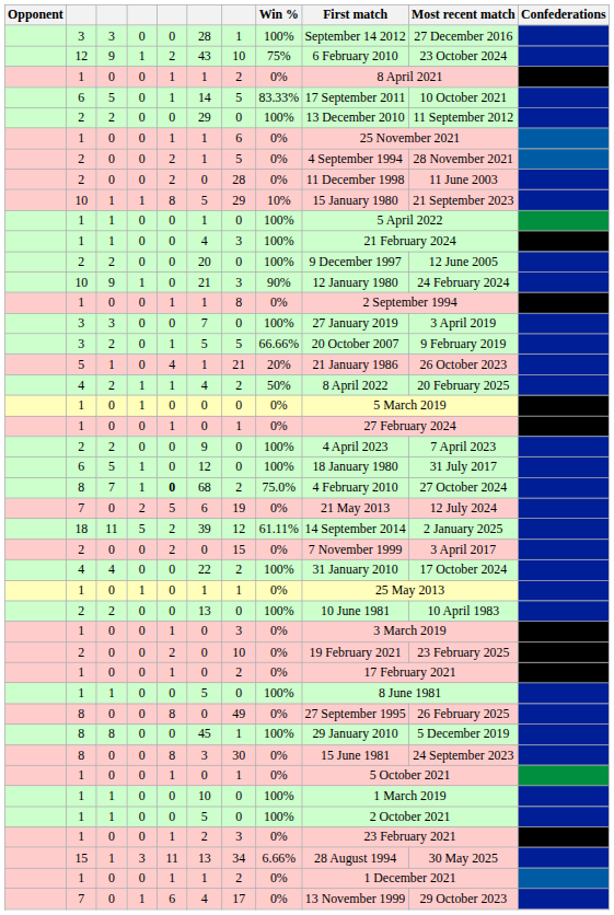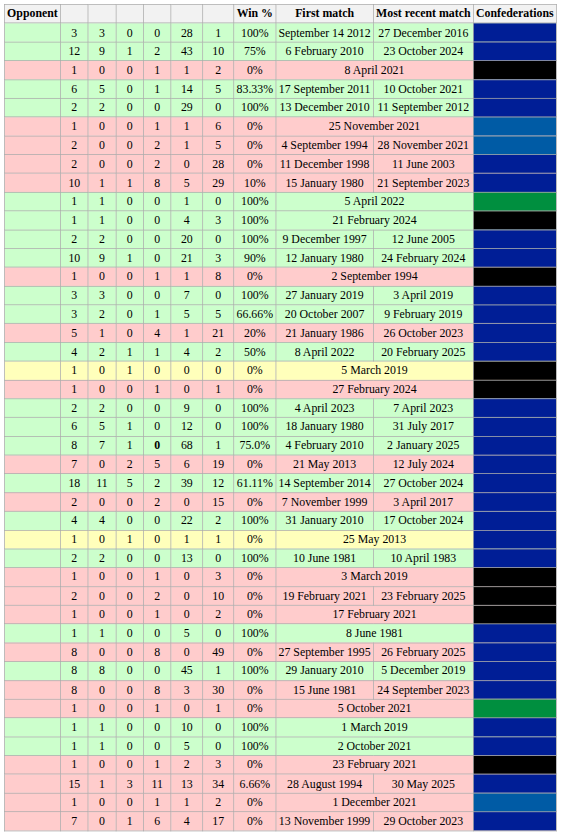 <table class="wikitable sortable" style="text-align: center">
 <tr>
 <th>Opponent</th>
 <th width=30></th>
 <th width=30></th>
 <th width=30></th>
 <th width=30></th>
 <th width=35></th>
 <th width=35></th>
 <th width=35>Win %</th>
 <th>First match</th>
 <th>Most recent match</th>
 <th>Confederations</th>
 </tr>
 <tr style="background-color:#cfc">
 <td style="text-align: left;"></td>
 <td>3</td>
 <td>3</td>
 <td>0</td>
 <td>0</td>
 <td>28</td>
 <td>1</td>
 <td>100%</td>
 <td>September 14 2012</td>
 <td>27 December 2016</td>
 <td style="background:#001E96; color:#FFC828;"><a href='#'></a></td>
 </tr>
 <tr style="background-color:#cfc">
 <td style="text-align: left;"></td>
 <td>12</td>
 <td>9</td>
 <td>1</td>
 <td>2</td>
 <td>43</td>
 <td>10</td>
 <td>75%</td>
 <td>6 February 2010</td>
 <td>23 October 2024</td>
 <td style="background:#001E96; color:#FFC828;"><a href='#'></a></td>
 </tr>
 <tr style="background-color:#fcc">
 <td style="text-align: left;"></td>
 <td>1</td>
 <td>0</td>
 <td>0</td>
 <td>1</td>
 <td>1</td>
 <td>2</td>
 <td>0%</td>
 <td colspan=2 style="text-align: center">8 April 2021</td>
 <td style="background:#000000; color:#FFFFFF;"><a href='#'></a></td>
 </tr>
 <tr style="background-color:#cfc">
 <td style="text-align: left;"></td>
 <td>6</td>
 <td>5</td>
 <td>0</td>
 <td>1</td>
 <td>14</td>
 <td>5</td>
 <td>83.33%</td>
 <td>17 September 2011</td>
 <td>10 October 2021</td>
 <td style="background:#001E96; color:#FFC828;"><a href='#'></a></td>
 </tr>
 <tr style="background-color:#cfc">
 <td style="text-align: left;"></td>
 <td>2</td>
 <td>2</td>
 <td>0</td>
 <td>0</td>
 <td>29</td>
 <td>0</td>
 <td>100%</td>
 <td>13 December 2010</td>
 <td>11 September 2012</td>
 <td style="background:#001E96; color:#FFC828;"><a href='#'></a></td>
 </tr>
 <tr style="background-color:#fcc">
 <td style="text-align: left;"></td>
 <td>1</td>
 <td>0</td>
 <td>0</td>
 <td>1</td>
 <td>1</td>
 <td>6</td>
 <td>0%</td>
 <td colspan=2 style="text-align: center">25 November 2021</td>
 <td style="background:#005BA5; color:#FFFFFF;"><a href='#'></a></td>
 </tr>
 <tr style="background-color:#fcc">
 <td style="text-align: left;"></td>
 <td>2</td>
 <td>0</td>
 <td>0</td>
 <td>2</td>
 <td>1</td>
 <td>5</td>
 <td>0%</td>
 <td>4 September 1994</td>
 <td>28 November 2021</td>
 <td style="background:#005BA5; color:#FFFFFF;"><a href='#'></a></td>
 </tr>
 <tr style="background-color:#fcc">
 <td style="text-align: left;"></td>
 <td>2</td>
 <td>0</td>
 <td>0</td>
 <td>2</td>
 <td>0</td>
 <td>28</td>
 <td>0%</td>
 <td>11 December 1998</td>
 <td>11 June 2003</td>
 <td style="background:#001E96; color:#FFC828;"><a href='#'></a></td>
 </tr>
 <tr style="background-color:#fcc">
 <td style="text-align: left;"></td>
 <td>10</td>
 <td>1</td>
 <td>1</td>
 <td>8</td>
 <td>5</td>
 <td>29</td>
 <td>10%</td>
 <td>15 January 1980</td>
 <td>21 September 2023</td>
 <td style="background:#001E96; color:#FFC828;"><a href='#'></a></td>
 </tr>
 <tr style="background-color:#cfc">
 <td style="text-align: left;"></td>
 <td>1</td>
 <td>1</td>
 <td>0</td>
 <td>0</td>
 <td>1</td>
 <td>0</td>
 <td>100%</td>
 <td colspan=2 style="text-align: center">5 April 2022</td>
 <td style="background:#008F3F; color:#F8E920;"><a href='#'></a></td>
 </tr>
 <tr style="background-color:#cfc">
 <td style="text-align: left;"></td>
 <td>1</td>
 <td>1</td>
 <td>0</td>
 <td>0</td>
 <td>4</td>
 <td>3</td>
 <td>100%</td>
 <td colspan=2 style="text-align: center">21 February 2024</td>
 <td style="background:#000000; color:#FFFFFF;"><a href='#'></a></td>
 </tr>
 <tr style="background-color:#cfc">
 <td style="text-align: left;"></td>
 <td>2</td>
 <td>2</td>
 <td>0</td>
 <td>0</td>
 <td>20</td>
 <td>0</td>
 <td>100%</td>
 <td>9 December 1997</td>
 <td>12 June 2005</td>
 <td style="background:#001E96; color:#FFC828;"><a href='#'></a></td>
 </tr>
 <tr style="background-color:#cfc">
 <td style="text-align: left;"></td>
 <td>10</td>
 <td>9</td>
 <td>1</td>
 <td>0</td>
 <td>21</td>
 <td>3</td>
 <td>90%</td>
 <td>12 January 1980</td>
 <td>24 February 2024</td>
 <td style="background:#001E96; color:#FFC828;"><a href='#'></a></td>
 </tr>
 <tr style="background-color:#fcc">
 <td style="text-align: left;"></td>
 <td>1</td>
 <td>0</td>
 <td>0</td>
 <td>1</td>
 <td>1</td>
 <td>8</td>
 <td>0%</td>
 <td colspan=2 style="text-align: center">2 September 1994</td>
 <td style="background:#000000; color:#FFFFFF;"><a href='#'></a></td>
 </tr>
 <tr style="background-color:#cfc">
 <td style="text-align: left;"></td>
 <td>3</td>
 <td>3</td>
 <td>0</td>
 <td>0</td>
 <td>7</td>
 <td>0</td>
 <td>100%</td>
 <td>27 January 2019</td>
 <td>3 April 2019</td>
 <td style="background:#001E96; color:#FFC828;"><a href='#'></a></td>
 </tr>
 <tr style="background-color:#cfc">
 <td style="text-align: left;"></td>
 <td>3</td>
 <td>2</td>
 <td>0</td>
 <td>1</td>
 <td>5</td>
 <td>5</td>
 <td>66.66%</td>
 <td>20 October 2007</td>
 <td>9 February 2019</td>
 <td style="background:#001E96; color:#FFC828;"><a href='#'></a></td>
 </tr>
 <tr style="background-color:#fcc">
 <td style="text-align: left;"></td>
 <td>5</td>
 <td>1</td>
 <td>0</td>
 <td>4</td>
 <td>1</td>
 <td>21</td>
 <td>20%</td>
 <td>21 January 1986</td>
 <td>26 October 2023</td>
 <td style="background:#001E96; color:#FFC828;"><a href='#'></a></td>
 </tr>
 <tr style="background-color:#cfc">
 <td style="text-align: left;"></td>
 <td>4</td>
 <td>2</td>
 <td>1</td>
 <td>1</td>
 <td>4</td>
 <td>2</td>
 <td>50%</td>
 <td>8 April 2022</td>
 <td>20 February 2025</td>
 <td style="background:#001E96; color:#FFC828;"><a href='#'></a></td>
 </tr>
 <tr style="background-color:#ffffbb">
 <td style="text-align: left;"></td>
 <td>1</td>
 <td>0</td>
 <td>1</td>
 <td>0</td>
 <td>0</td>
 <td>0</td>
 <td>0%</td>
 <td colspan=2 style="text-align: center">5 March 2019</td>
 <td style="background:#000000; color:#FFFFFF;"><a href='#'></a></td>
 </tr>
 <tr style="background-color:#fcc">
 <td style="text-align: left;"></td>
 <td>1</td>
 <td>0</td>
 <td>0</td>
 <td>1</td>
 <td>0</td>
 <td>1</td>
 <td>0%</td>
 <td colspan=2 style="text-align: center">27 February 2024</td>
 <td style="background:#000000; color:#FFFFFF;"><a href='#'></a></td>
 </tr>
 <tr style="background-color:#cfc">
 <td style="text-align: left;"></td>
 <td>2</td>
 <td>2</td>
 <td>0</td>
 <td>0</td>
 <td>9</td>
 <td>0</td>
 <td>100%</td>
 <td>4 April 2023</td>
 <td>7 April 2023</td>
 <td style="background:#001E96; color:#FFC828;"><a href='#'></a></td>
 </tr>
 <tr style="background-color:#cfc">
 <td style="text-align: left;"></td>
 <td>6</td>
 <td>5</td>
 <td>1</td>
 <td>0</td>
 <td>12</td>
 <td>0</td>
 <td>100%</td>
 <td>18 January 1980</td>
 <td>31 July 2017</td>
 <td style="background:#001E96; color:#FFC828;"><a href='#'></a></td>
 </tr>
 <tr style="background-color:#cfc">
 <td style="text-align: left;"></td>
 <td>8</td>
 <td>7</td>
 <td>1</td>
 <td><strong>0</strong></td>
 <td>68</td>
-<td>2</td>
+<td>1</td>
 <td>75.0%</td>
 <td>4 February 2010</td>
-<td>27 October 2024</td>
+<td>2 January 2025</td>
 <td style="background:#001E96; color:#FFC828;"><a href='#'></a></td>
 </tr>
 <tr style="background-color:#fcc">
 <td style="text-align: left;"></td>
 <td>7</td>
 <td>0</td>
 <td>2</td>
 <td>5</td>
 <td>6</td>
 <td>19</td>
 <td>0%</td>
 <td>21 May 2013</td>
 <td>12 July 2024</td>
 <td style="background:#001E96; color:#FFC828;"><a href='#'></a></td>
 </tr>
 <tr style="background-color:#cfc">
 <td style="text-align: left;"></td>
 <td>18</td>
 <td>11</td>
 <td>5</td>
 <td>2</td>
 <td>39</td>
 <td>12</td>
 <td>61.11%</td>
 <td>14 September 2014</td>
-<td>2 January 2025</td>
+<td>27 October 2024</td>
 <td style="background:#001E96; color:#FFC828;"><a href='#'></a></td>
 </tr>
 <tr style="background-color:#fcc">
 <td style="text-align: left;"></td>
 <td>2</td>
 <td>0</td>
 <td>0</td>
 <td>2</td>
 <td>0</td>
 <td>15</td>
 <td>0%</td>
 <td>7 November 1999</td>
 <td>3 April 2017</td>
 <td style="background:#001E96; color:#FFC828;"><a href='#'></a></td>
 </tr>
 <tr style="background-color:#cfc">
 <td style="text-align: left;"></td>
 <td>4</td>
 <td>4</td>
 <td>0</td>
 <td>0</td>
 <td>22</td>
 <td>2</td>
 <td>100%</td>
 <td>31 January 2010</td>
 <td>17 October 2024</td>
 <td style="background:#001E96; color:#FFC828;"><a href='#'></a></td>
 </tr>
 <tr style="background-color:#ffffbb">
 <td style="text-align: left;"></td>
 <td>1</td>
 <td>0</td>
 <td>1</td>
 <td>0</td>
 <td>1</td>
 <td>1</td>
 <td>0%</td>
 <td colspan=2 style="text-align: center">25 May 2013</td>
 <td style="background:#001E96; color:#FFC828;"><a href='#'></a></td>
 </tr>
 <tr style="background-color:#cfc">
 <td style="text-align: left;"></td>
 <td>2</td>
 <td>2</td>
 <td>0</td>
 <td>0</td>
 <td>13</td>
 <td>0</td>
 <td>100%</td>
 <td>10 June 1981</td>
 <td>10 April 1983</td>
 <td style="background:#001E96; color:#FFC828;"><a href='#'></a></td>
 </tr>
 <tr style="background-color:#fcc">
 <td style="text-align: left;"></td>
 <td>1</td>
 <td>0</td>
 <td>0</td>
 <td>1</td>
 <td>0</td>
 <td>3</td>
 <td>0%</td>
 <td colspan=2 style="text-align: center">3 March 2019</td>
 <td style="background:#000000; color:#FFFFFF;"><a href='#'></a></td>
 </tr>
 <tr style="background-color:#fcc">
 <td style="text-align: left;"></td>
 <td>2</td>
 <td>0</td>
 <td>0</td>
 <td>2</td>
 <td>0</td>
 <td>10</td>
 <td>0%</td>
 <td>19 February 2021</td>
 <td>23 February 2025</td>
 <td style="background:#000000; color:#FFFFFF;"><a href='#'></a></td>
 </tr>
 <tr style="background-color:#fcc">
 <td style="text-align: left;"></td>
 <td>1</td>
 <td>0</td>
 <td>0</td>
 <td>1</td>
 <td>0</td>
 <td>2</td>
 <td>0%</td>
 <td colspan=2 style="text-align: center">17 February 2021</td>
 <td style="background:#000000; color:#FFFFFF;"><a href='#'></a></td>
 </tr>
 <tr style="background-color:#cfc">
 <td style="text-align: left;"></td>
 <td>1</td>
 <td>1</td>
 <td>0</td>
 <td>0</td>
 <td>5</td>
 <td>0</td>
 <td>100%</td>
 <td colspan=2 style="text-align: center">8 June 1981</td>
 <td style="background:#001E96; color:#FFC828;"><a href='#'></a></td>
 </tr>
 <tr style="background-color:#fcc">
 <td style="text-align: left;"></td>
 <td>8</td>
 <td>0</td>
 <td>0</td>
 <td>8</td>
 <td>0</td>
 <td>49</td>
 <td>0%</td>
 <td>27 September 1995</td>
 <td>26 February 2025</td>
 <td style="background:#001E96; color:#FFC828;"><a href='#'></a></td>
 </tr>
 <tr style="background-color:#cfc">
 <td style="text-align: left;"></td>
 <td>8</td>
 <td>8</td>
 <td>0</td>
 <td>0</td>
 <td>45</td>
 <td>1</td>
 <td>100%</td>
 <td>29 January 2010</td>
 <td>5 December 2019</td>
 <td style="background:#001E96; color:#FFC828;"><a href='#'></a></td>
 </tr>
 <tr style="background-color:#fcc">
 <td style="text-align: left;"></td>
 <td>8</td>
 <td>0</td>
 <td>0</td>
 <td>8</td>
 <td>3</td>
 <td>30</td>
 <td>0%</td>
 <td>15 June 1981</td>
 <td>24 September 2023</td>
 <td style="background:#001E96; color:#FFC828;"><a href='#'></a></td>
 </tr>
 <tr style="background-color:#fcc">
 <td style="text-align: left;"></td>
 <td>1</td>
 <td>0</td>
 <td>0</td>
 <td>1</td>
 <td>0</td>
 <td>1</td>
 <td>0%</td>
 <td colspan=2 style="text-align: center">5 October 2021</td>
 <td style="background:#008F3F; color:#F8E920;"><a href='#'></a></td>
 </tr>
 <tr style="background-color:#cfc">
 <td style="text-align: left;"></td>
 <td>1</td>
 <td>1</td>
 <td>0</td>
 <td>0</td>
 <td>10</td>
 <td>0</td>
 <td>100%</td>
 <td colspan=2 style="text-align: center">1 March 2019</td>
 <td style="background:#001E96; color:#FFC828;"><a href='#'></a></td>
 </tr>
 <tr style="background-color:#cfc">
 <td style="text-align: left;"></td>
 <td>1</td>
 <td>1</td>
 <td>0</td>
 <td>0</td>
 <td>5</td>
 <td>0</td>
 <td>100%</td>
 <td colspan=2 style="text-align: center">2 October 2021</td>
 <td style="background:#001E96; color:#FFC828;"><a href='#'></a></td>
 </tr>
 <tr style="background-color:#fcc">
 <td style="text-align: left;"></td>
 <td>1</td>
 <td>0</td>
 <td>0</td>
 <td>1</td>
 <td>2</td>
 <td>3</td>
 <td>0%</td>
 <td colspan=2 style="text-align: center">23 February 2021</td>
 <td style="background:#000000; color:#FFFFFF;"><a href='#'></a></td>
 </tr>
 <tr style="background-color:#fcc">
 <td style="text-align: left;"></td>
 <td>15</td>
 <td>1</td>
 <td>3</td>
 <td>11</td>
 <td>13</td>
 <td>34</td>
 <td>6.66%</td>
 <td>28 August 1994</td>
 <td>30 May 2025</td>
 <td style="background:#001E96; color:#FFC828;"><a href='#'></a></td>
 </tr>
 <tr style="background-color:#fcc">
 <td style="text-align: left;"></td>
 <td>1</td>
 <td>0</td>
 <td>0</td>
 <td>1</td>
 <td>1</td>
 <td>2</td>
 <td>0%</td>
 <td colspan=2 style="text-align: center">1 December 2021</td>
 <td style="background:#005BA5; color:#FFFFFF;"><a href='#'></a></td>
 </tr>
 <tr style="background-color:#fcc">
 <td style="text-align: left;"></td>
 <td>7</td>
 <td>0</td>
 <td>1</td>
 <td>6</td>
 <td>4</td>
 <td>17</td>
 <td>0%</td>
 <td>13 November 1999</td>
 <td>29 October 2023</td>
 <td style="background:#001E96; color:#FFC828;"><a href='#'></a></td>
 </tr>
 </table>
